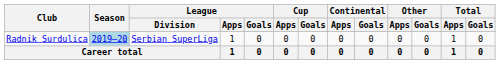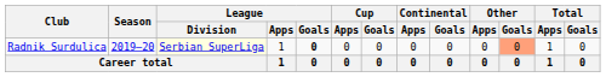 <table class="wikitable" style="text-align: center">
 <tr>
 <th rowspan="2">Club</th>
 <th rowspan="2">Season</th>
 <th colspan="3">League</th>
 <th colspan="2">Cup</th>
 <th colspan="2">Continental</th>
 <th colspan="2">Other</th>
 <th colspan="2">Total</th>
 </tr>
 <tr>
 <th>Division</th>
 <th>Apps</th>
 <th>Goals</th>
 <th>Apps</th>
 <th>Goals</th>
 <th>Apps</th>
 <th>Goals</th>
 <th>Apps</th>
 <th>Goals</th>
 <th>Apps</th>
 <th>Goals</th>
 </tr>
 <tr>
 <td><a href='#'>Radnik Surdulica</a></td>
-<td style="background: lightblue;"><a href='#'>2019–20</a></td>
-<td><a href='#'>Serbian SuperLiga</a></td>
+<td><a href='#'>2019–20</a></td>
+<td style="background: lightyellow;"><a href='#'>Serbian SuperLiga</a></td>
 <td>1</td>
+<td><strong>0</strong></td>
 <td>0</td>
 <td>0</td>
 <td>0</td>
 <td>0</td>
 <td>0</td>
-<td>0</td>
-<td>0</td>
+<td style="background: lightsalmon;">0</td>
 <td>1</td>
 <td>0</td>
 </tr>
 <tr>
 <th colspan="3"><strong>Career total</strong></th>
 <th>1</th>
 <th>0</th>
 <th>0</th>
 <th>0</th>
 <th>0</th>
 <th>0</th>
 <th>0</th>
 <th>0</th>
 <th>1</th>
 <th>0</th>
 </tr>
 </table>
